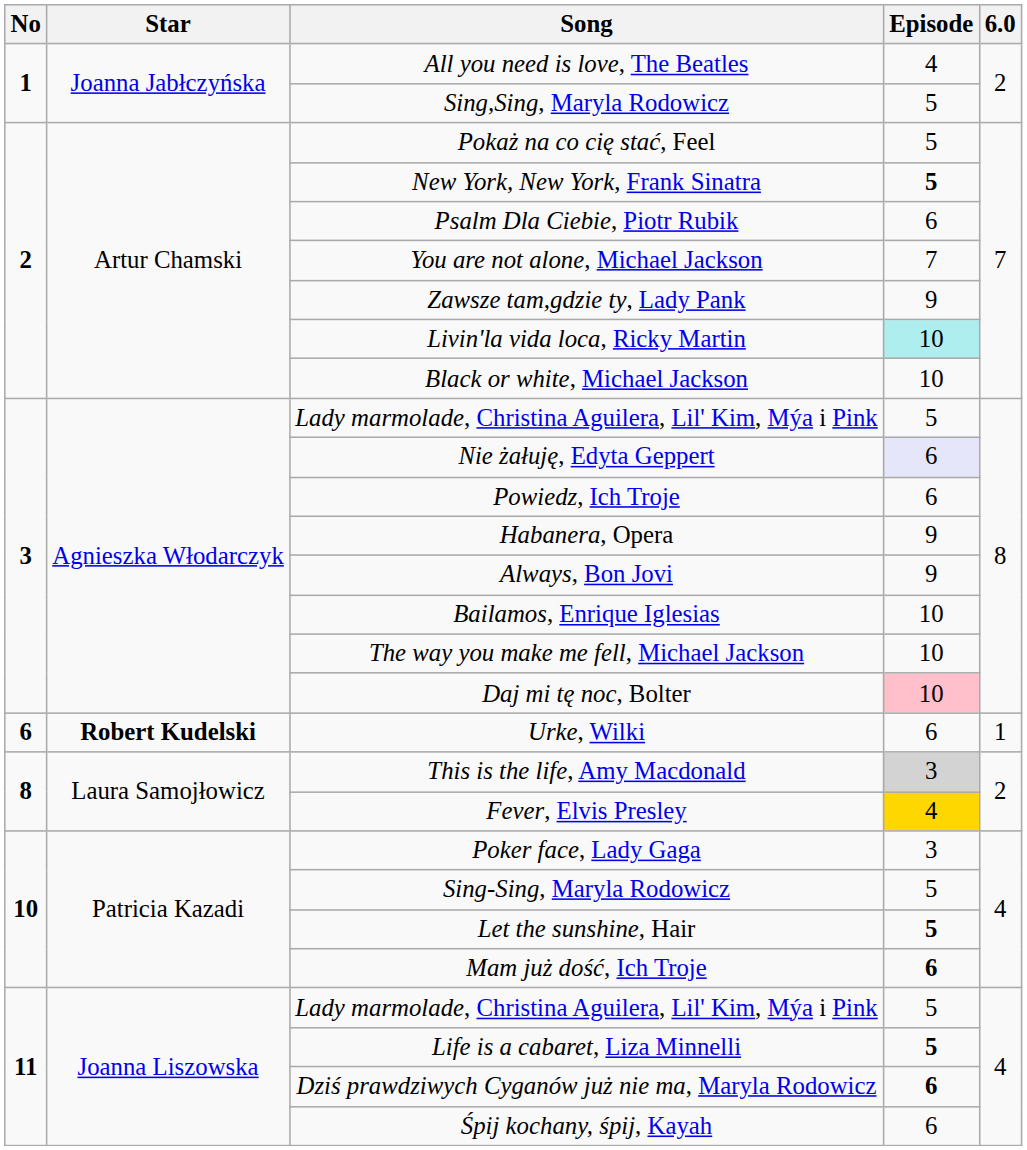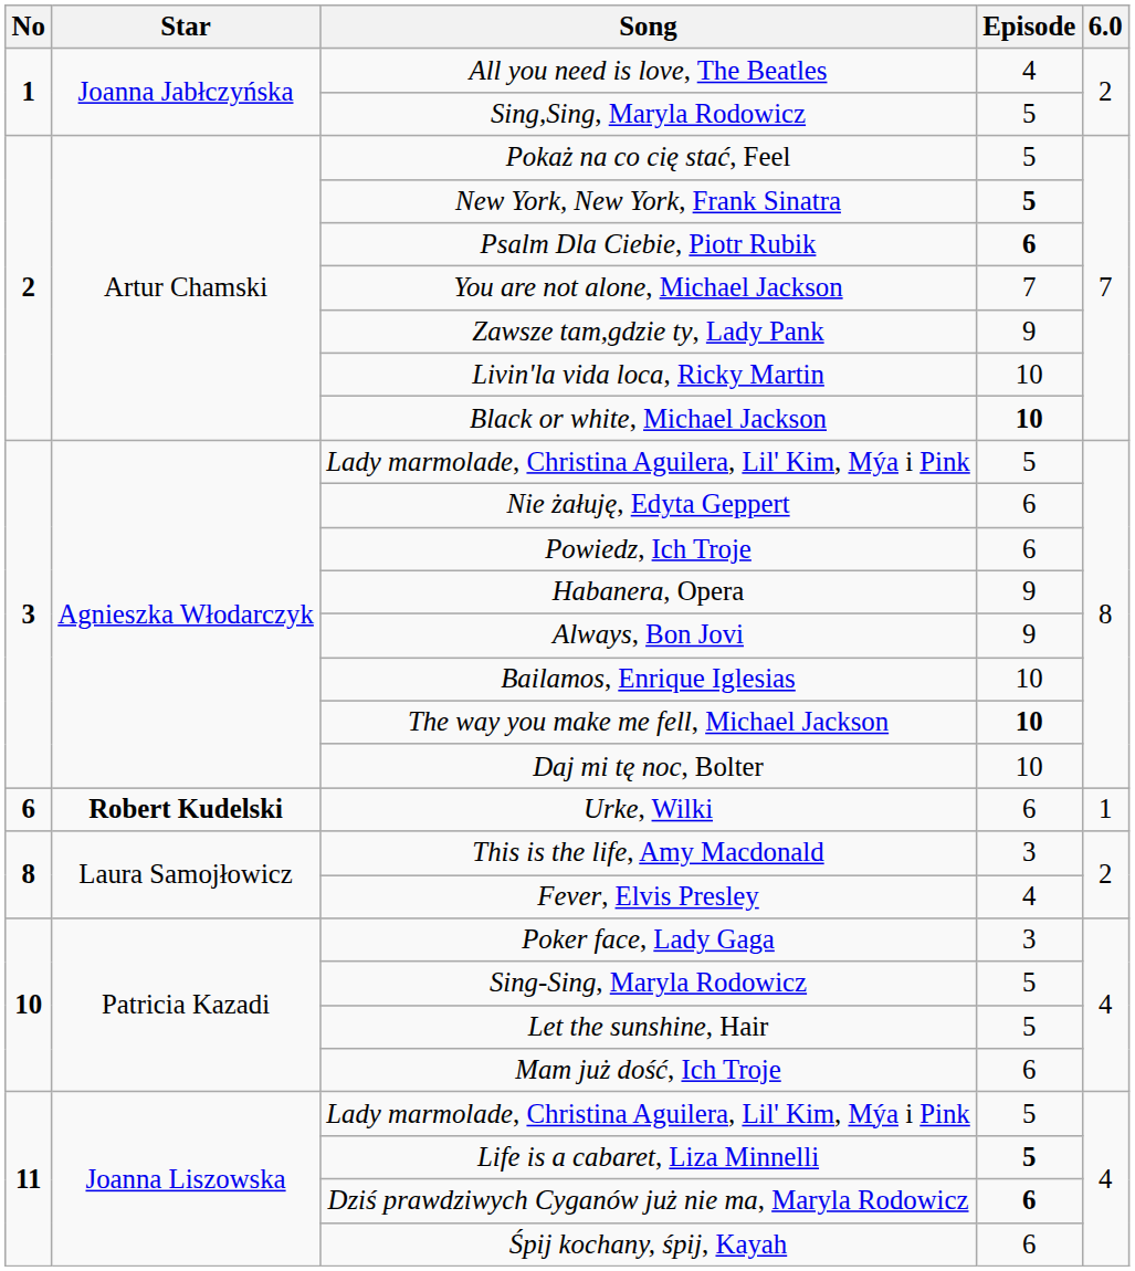 <table class="wikitable">
 <tr>
 <th>No</th>
 <th>Star</th>
 <th>Song</th>
 <th>Episode</th>
 <th>6.0</th>
 </tr>
 <tr style="text-align:center;">
 <td rowspan="2"><strong>1</strong></td>
 <td rowspan="2"><a href='#'>Joanna Jabłczyńska</a></td>
 <td><em>All you need is love</em>, <a href='#'>The Beatles</a></td>
 <td>4</td>
 <td rowspan="2">2</td>
 </tr>
 <tr style="text-align:center;">
 <td><em>Sing,Sing</em>, <a href='#'>Maryla Rodowicz</a></td>
 <td>5</td>
 </tr>
 <tr style="text-align:center;">
 <td rowspan="7"><strong>2</strong></td>
 <td rowspan="7">Artur Chamski</td>
 <td><em>Pokaż na co cię stać</em>, Feel</td>
 <td>5</td>
 <td rowspan="7">7</td>
 </tr>
 <tr style="text-align:center;">
 <td><em>New York, New York</em>, <a href='#'>Frank Sinatra</a></td>
 <td><strong>5</strong></td>
 </tr>
 <tr style="text-align:center;">
 <td><em>Psalm Dla Ciebie</em>, <a href='#'>Piotr Rubik</a></td>
-<td>6</td>
+<td><strong>6</strong></td>
 </tr>
 <tr style="text-align:center;">
 <td><em>You are not alone</em>, <a href='#'>Michael Jackson</a></td>
 <td>7</td>
 </tr>
 <tr style="text-align:center;">
 <td><em>Zawsze tam,gdzie ty</em>, <a href='#'>Lady Pank</a></td>
 <td>9</td>
 </tr>
 <tr style="text-align:center;">
 <td><em>Livin'la vida loca</em>, <a href='#'>Ricky Martin</a></td>
-<td style="background: paleturquoise;">10</td>
+<td>10</td>
 </tr>
 <tr style="text-align:center;">
 <td><em>Black or white</em>, <a href='#'>Michael Jackson</a></td>
-<td>10</td>
+<td><strong>10</strong></td>
 </tr>
 <tr>
 <td style="text-align:center;" rowspan="8"><strong>3</strong></td>
 <td style="text-align:center;" rowspan="8"><a href='#'>Agnieszka Włodarczyk</a></td>
 <td style="text-align:center;"><em>Lady marmolade</em>, <a href='#'>Christina Aguilera</a>, <a href='#'>Lil' Kim</a>, <a href='#'>Mýa</a> i <a href='#'>Pink</a></td>
 <td style="text-align:center;">5</td>
 <td style="text-align:center;" rowspan="8">8</td>
 </tr>
 <tr style="text-align:center;">
 <td><em>Nie żałuję</em>, <a href='#'>Edyta Geppert</a></td>
-<td style="background: lavender;">6</td>
+<td>6</td>
 </tr>
 <tr style="text-align:center;">
 <td><em>Powiedz</em>, <a href='#'>Ich Troje</a></td>
 <td>6</td>
 </tr>
 <tr style="text-align:center;">
 <td><em>Habanera</em>, Opera</td>
 <td>9</td>
 </tr>
 <tr style="text-align:center;">
 <td><em>Always</em>, <a href='#'>Bon Jovi</a></td>
 <td>9</td>
 </tr>
 <tr style="text-align:center;">
 <td><em>Bailamos</em>, <a href='#'>Enrique Iglesias</a></td>
 <td>10</td>
 </tr>
 <tr style="text-align:center;">
 <td><em>The way you make me fell</em>, <a href='#'>Michael Jackson</a></td>
-<td>10</td>
+<td><strong>10</strong></td>
 </tr>
 <tr style="text-align:center;">
 <td><em>Daj mi tę noc</em>, Bolter</td>
-<td style="background: pink;">10</td>
+<td>10</td>
 </tr>
 <tr style="text-align:center;">
 <td><strong>6</strong></td>
 <td><strong>Robert Kudelski</strong></td>
 <td><em>Urke</em>, <a href='#'>Wilki</a></td>
 <td>6</td>
 <td>1</td>
 </tr>
 <tr style="text-align:center;">
 <td rowspan="2"><strong>8</strong></td>
 <td rowspan="2">Laura Samojłowicz</td>
 <td><em>This is the life</em>, <a href='#'>Amy Macdonald</a></td>
-<td style="background: lightgrey;">3</td>
+<td>3</td>
 <td rowspan="2">2</td>
 </tr>
 <tr style="text-align:center;">
 <td><em>Fever</em>, <a href='#'>Elvis Presley</a></td>
-<td style="background: gold;">4</td>
+<td>4</td>
 </tr>
 <tr style="text-align:center;">
 <td rowspan="4"><strong>10</strong></td>
 <td rowspan="4">Patricia Kazadi</td>
 <td><em>Poker face</em>, <a href='#'>Lady Gaga</a></td>
 <td>3</td>
 <td rowspan="4">4</td>
 </tr>
 <tr style="text-align:center;">
 <td><em>Sing-Sing</em>, <a href='#'>Maryla Rodowicz</a></td>
 <td>5</td>
 </tr>
 <tr style="text-align:center;">
 <td><em>Let the sunshine</em>, Hair</td>
-<td><strong>5</strong></td>
+<td>5</td>
 </tr>
 <tr style="text-align:center;">
 <td><em>Mam już dość</em>, <a href='#'>Ich Troje</a></td>
-<td><strong>6</strong></td>
+<td>6</td>
 </tr>
 <tr>
 <td style="text-align:center;" rowspan="4"><strong>11</strong></td>
 <td style="text-align:center;" rowspan="4"><a href='#'>Joanna Liszowska</a></td>
 <td style="text-align:center;"><em>Lady marmolade</em>, <a href='#'>Christina Aguilera</a>, <a href='#'>Lil' Kim</a>, <a href='#'>Mýa</a> i <a href='#'>Pink</a></td>
 <td style="text-align:center;">5</td>
 <td style="text-align:center;" rowspan="4">4</td>
 </tr>
 <tr style="text-align:center;">
 <td><em>Life is a cabaret</em>, <a href='#'>Liza Minnelli</a></td>
 <td><strong>5</strong></td>
 </tr>
 <tr style="text-align:center;">
 <td><em>Dziś prawdziwych Cyganów już nie ma</em>, <a href='#'>Maryla Rodowicz</a></td>
 <td><strong>6</strong></td>
 </tr>
 <tr>
 <td style="text-align:center;"><em>Śpij kochany, śpij</em>, <a href='#'>Kayah</a></td>
 <td style="text-align:center;">6</td>
 </tr>
 </table>
